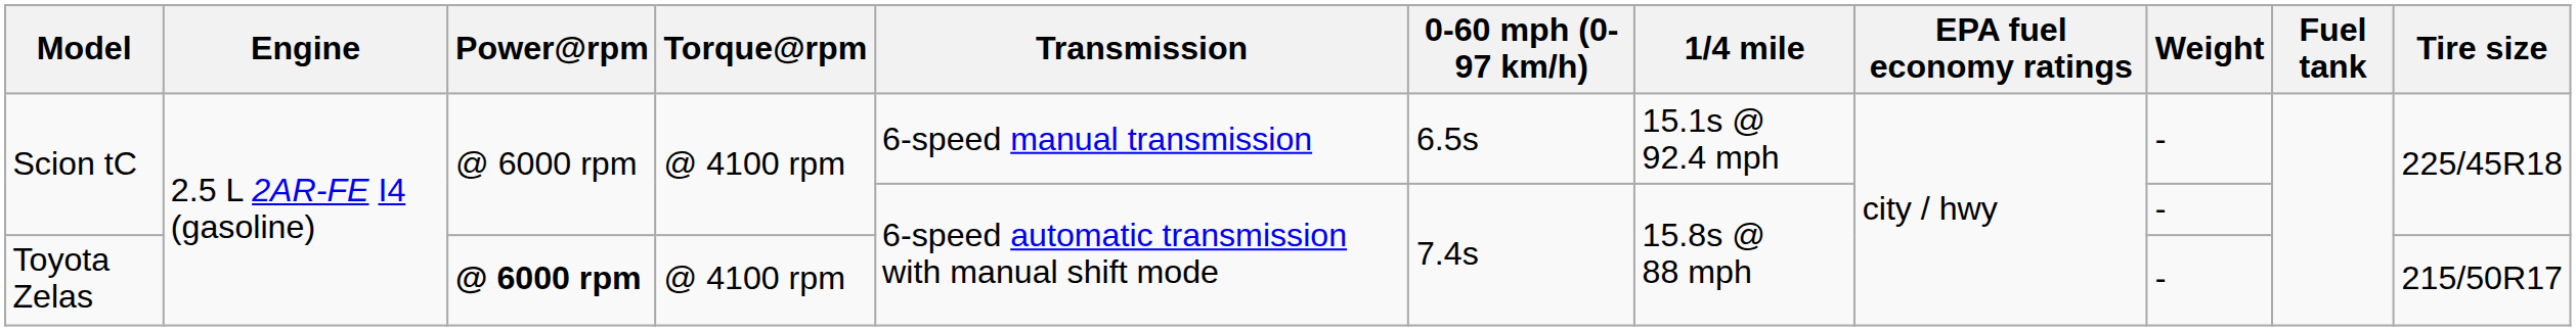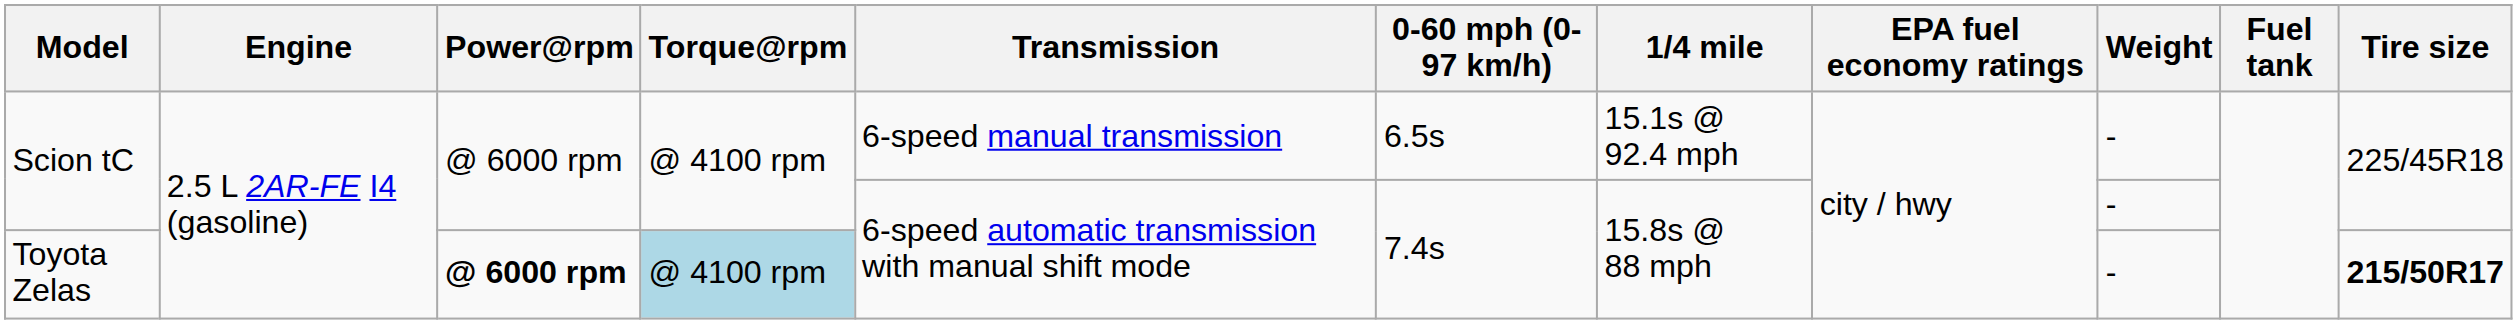 <table class="wikitable">
 <tr>
 <th>Model</th>
 <th>Engine</th>
 <th>Power@rpm</th>
 <th>Torque@rpm</th>
 <th>Transmission</th>
 <th>0-60 mph (0-97 km/h)</th>
 <th>1/4 mile</th>
 <th>EPA fuel economy ratings</th>
 <th>Weight</th>
 <th>Fuel tank</th>
 <th>Tire size</th>
 </tr>
 <tr>
 <td rowspan = "2">Scion tC</td>
 <td rowspan = "3">2.5 L <em><a href='#'>2AR-FE</a></em> <a href='#'>I4</a> (gasoline)</td>
 <td rowspan = "2"> @ 6000 rpm</td>
 <td rowspan = "2"> @ 4100 rpm</td>
 <td>6-speed <a href='#'>manual transmission</a></td>
 <td>6.5s</td>
 <td>15.1s @ 92.4 mph</td>
 <td rowspan = "3"> city /  hwy</td>
 <td> -</td>
 <td rowspan="3"></td>
 <td rowspan = "2">225/45R18</td>
 </tr>
 <tr>
 <td rowspan = "2">6-speed <a href='#'>automatic transmission</a> with manual shift mode</td>
 <td rowspan = "2">7.4s</td>
 <td rowspan = "2">15.8s @ 88 mph</td>
 <td> - </td>
 </tr>
 <tr>
 <td>Toyota Zelas</td>
 <td><strong> @ 6000 rpm</strong></td>
-<td> @ 4100 rpm</td>
+<td style="background: lightblue;"> @ 4100 rpm</td>
 <td> -</td>
-<td>215/50R17</td>
+<td><strong>215/50R17</strong></td>
 </tr>
 </table>
